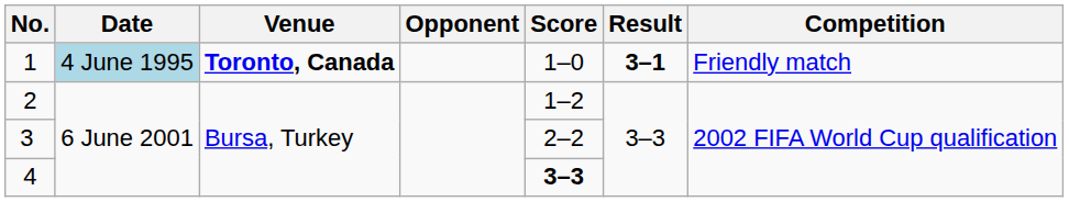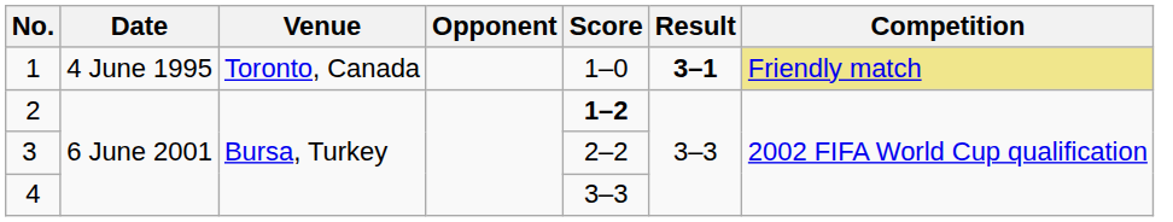 <table class="wikitable sortable">
 <tr>
 <th scope="col">No.</th>
 <th scope="col">Date</th>
 <th scope="col">Venue</th>
 <th scope="col">Opponent</th>
 <th scope="col">Score</th>
 <th scope="col">Result</th>
 <th scope="col">Competition</th>
 </tr>
 <tr>
 <td align="center">1</td>
-<td style="background: lightblue;">4 June 1995</td>
-<td><strong><a href='#'>Toronto</a>, Canada</strong></td>
+<td>4 June 1995</td>
+<td><a href='#'>Toronto</a>, Canada</td>
 <td></td>
 <td align="center">1–0</td>
 <td align="center"><strong>3–1</strong></td>
-<td><a href='#'>Friendly match</a></td>
+<td style="background: khaki;"><a href='#'>Friendly match</a></td>
 </tr>
 <tr>
 <td align="center">2</td>
 <td rowspan="3">6 June 2001</td>
 <td rowspan="3"><a href='#'>Bursa</a>, Turkey</td>
 <td rowspan="3"></td>
-<td align="center">1–2</td>
+<td align="center"><strong>1–2</strong></td>
 <td rowspan="3" align="center">3–3</td>
 <td rowspan="3"><a href='#'>2002 FIFA World Cup qualification</a></td>
 </tr>
 <tr>
 <td align="center">3 </td>
 <td align="center">2–2</td>
 </tr>
 <tr>
 <td align="center">4</td>
-<td align="center"><strong>3–3</strong></td>
+<td align="center">3–3</td>
 </tr>
 </table>
